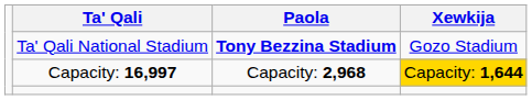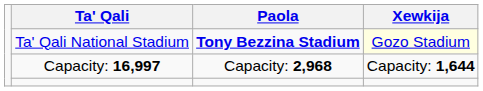 <table class="wikitable" style="text-align:center">
 <tr>
 <td rowspan="4"></td>
 <th><a href='#'>Ta' Qali</a></th>
 <th><a href='#'>Paola</a></th>
 <th><a href='#'>Xewkija</a></th>
 </tr>
 <tr>
 <td><a href='#'>Ta' Qali National Stadium</a></td>
 <td><strong><a href='#'>Tony Bezzina Stadium</a></strong></td>
-<td><a href='#'>Gozo Stadium</a></td>
+<td style="background: lightyellow;"><a href='#'>Gozo Stadium</a></td>
 </tr>
 <tr>
 <td>Capacity: <strong>16,997</strong></td>
 <td>Capacity: <strong>2,968</strong></td>
-<td style="background: gold;">Capacity: <strong>1,644</strong></td>
+<td>Capacity: <strong>1,644</strong></td>
 </tr>
 <tr>
 <td></td>
 <td></td>
 <td></td>
 </tr>
 </table>
